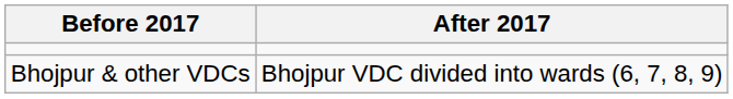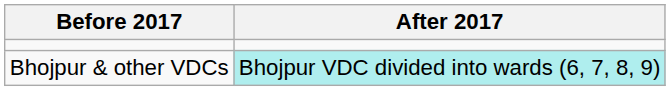 <table class="wikitable">
 <tr>
 <th>Before 2017</th>
 <th>After 2017</th>
 </tr>
 <tr>
 <td></td>
 <td></td>
 </tr>
 <tr>
 <td>Bhojpur & other VDCs</td>
-<td>Bhojpur VDC divided into wards (6, 7, 8, 9)</td>
+<td style="background: paleturquoise;">Bhojpur VDC divided into wards (6, 7, 8, 9)</td>
 </tr>
 </table>
